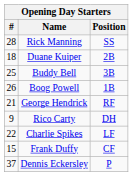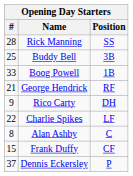 <table class="wikitable" style="text-align:center">
 <tr>
 <th colspan="3">Opening Day Starters</th>
 </tr>
 <tr>
 <th>#</th>
 <th>Name</th>
 <th>Position</th>
 </tr>
 <tr>
 <td>28</td>
 <td><a href='#'>Rick Manning</a></td>
 <td><a href='#'>SS</a></td>
 </tr>
 <tr>
-<td>18</td>
-<td><a href='#'>Duane Kuiper</a></td>
-<td><a href='#'>2B</a></td>
-</tr>
-<tr>
 <td>25</td>
 <td><a href='#'>Buddy Bell</a></td>
 <td><a href='#'>3B</a></td>
 </tr>
 <tr>
-<td>26</td>
+<td>33</td>
 <td><a href='#'>Boog Powell</a></td>
 <td><a href='#'>1B</a></td>
 </tr>
 <tr>
 <td>21</td>
 <td><a href='#'>George Hendrick</a></td>
 <td><a href='#'>RF</a></td>
 </tr>
 <tr>
 <td>9</td>
 <td><a href='#'>Rico Carty</a></td>
 <td><a href='#'>DH</a></td>
 </tr>
 <tr>
 <td>22</td>
 <td><a href='#'>Charlie Spikes</a></td>
 <td><a href='#'>LF</a></td>
 </tr>
 <tr>
+<td>8</td>
+<td><a href='#'>Alan Ashby</a></td>
+<td><a href='#'>C</a></td>
+</tr>
+<tr>
 <td>15</td>
 <td><a href='#'>Frank Duffy</a></td>
 <td><a href='#'>CF</a></td>
 </tr>
 <tr>
 <td>37</td>
 <td><a href='#'>Dennis Eckersley</a></td>
 <td><a href='#'>P</a></td>
 </tr>
 </table>
